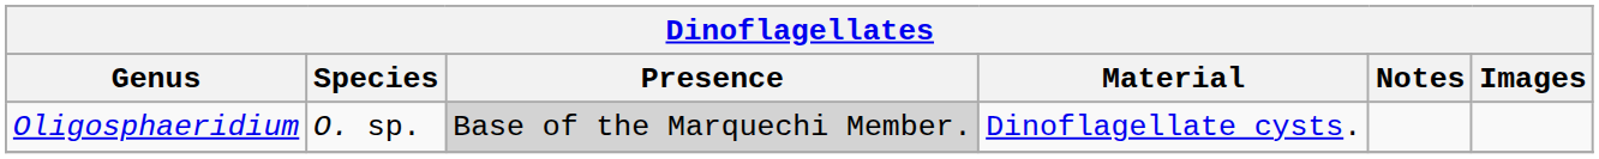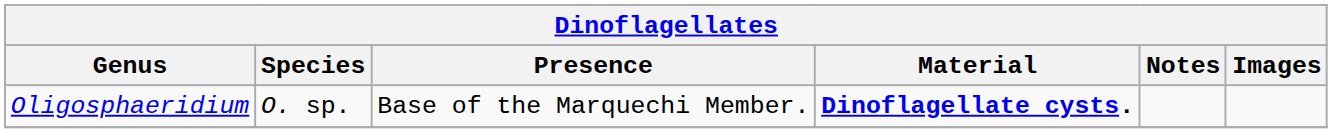 <table class="wikitable" align="center">
 <tr>
 <th colspan="6" align="center"><strong><a href='#'>Dinoflagellates</a></strong></th>
 </tr>
 <tr>
 <th>Genus</th>
 <th>Species</th>
 <th>Presence</th>
 <th><strong>Material</strong></th>
 <th>Notes</th>
 <th>Images</th>
 </tr>
 <tr>
 <td><em><a href='#'>Oligosphaeridium</a></em></td>
 <td><em>O.</em> sp.</td>
-<td style="background: lightgrey;">Base of the Marquechi Member.</td>
-<td><a href='#'>Dinoflagellate cysts</a>.</td>
+<td>Base of the Marquechi Member.</td>
+<td><strong><a href='#'>Dinoflagellate cysts</a>.</strong></td>
 <td></td>
 <td></td>
 </tr>
 <tr>
 </tr>
 </table>
